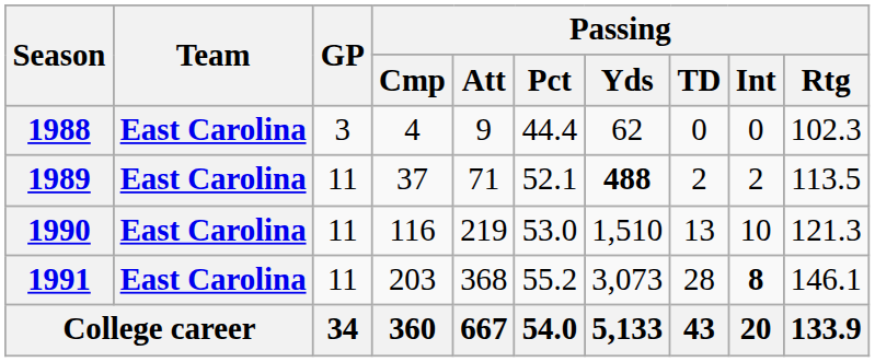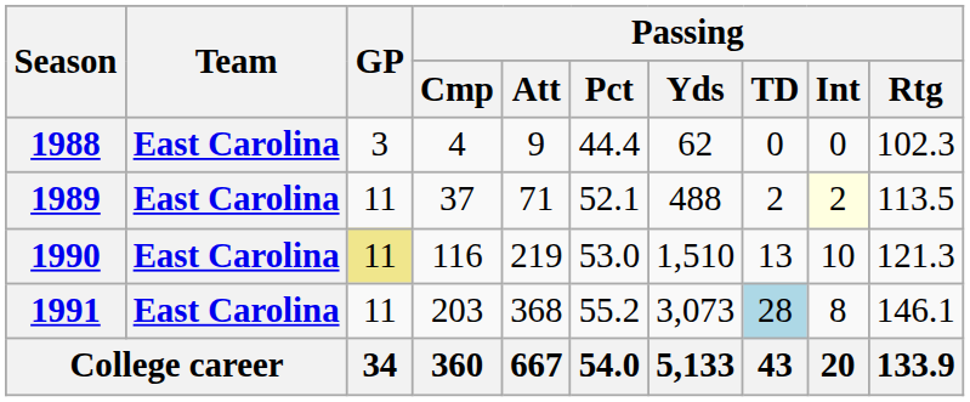 <table class="wikitable" style="text-align:center;">
 <tr>
 <th rowspan="2">Season</th>
 <th rowspan="2">Team</th>
 <th rowspan="2">GP</th>
 <th colspan="7">Passing</th>
 </tr>
 <tr>
 <th>Cmp</th>
 <th>Att</th>
 <th>Pct</th>
 <th>Yds</th>
 <th>TD</th>
 <th>Int</th>
 <th>Rtg</th>
 </tr>
 <tr>
 <th><a href='#'>1988</a></th>
 <th><a href='#'>East Carolina</a></th>
 <td>3</td>
 <td>4</td>
 <td>9</td>
 <td>44.4</td>
 <td>62</td>
 <td>0</td>
 <td>0</td>
 <td>102.3</td>
 </tr>
 <tr>
 <th><a href='#'>1989</a></th>
 <th><a href='#'>East Carolina</a></th>
 <td>11</td>
 <td>37</td>
 <td>71</td>
 <td>52.1</td>
-<td><strong>488</strong></td>
+<td>488</td>
 <td>2</td>
-<td>2</td>
+<td style="background: lightyellow;">2</td>
 <td>113.5</td>
 </tr>
 <tr>
 <th><a href='#'>1990</a></th>
 <th><a href='#'>East Carolina</a></th>
-<td>11</td>
+<td style="background: khaki;">11</td>
 <td>116</td>
 <td>219</td>
 <td>53.0</td>
 <td>1,510</td>
 <td>13</td>
 <td>10</td>
 <td>121.3</td>
 </tr>
 <tr>
 <th><a href='#'>1991</a></th>
 <th><a href='#'>East Carolina</a></th>
 <td>11</td>
 <td>203</td>
 <td>368</td>
 <td>55.2</td>
 <td>3,073</td>
-<td>28</td>
-<td><strong>8</strong></td>
+<td style="background: lightblue;">28</td>
+<td>8</td>
 <td>146.1</td>
 </tr>
 <tr>
 <th colspan="2">College career</th>
 <th>34</th>
 <th>360</th>
 <th>667</th>
 <th>54.0</th>
 <th>5,133</th>
 <th>43</th>
 <th>20</th>
 <th>133.9</th>
 </tr>
 </table>
